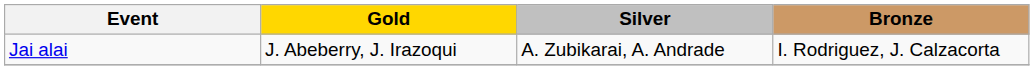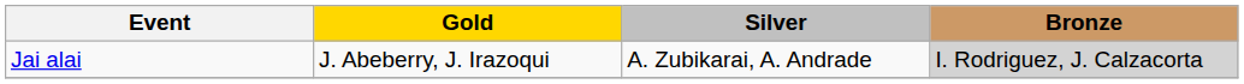 <table class="wikitable" style="max-width: 23cm; width: 100%">
 <tr>
 <th scope="col">Event</th>
 <th scope="col" style="background-color:gold; width:25%">Gold</th>
 <th scope="col" style="background-color:silver; width:25%; width:25%">Silver</th>
 <th scope="col" style="background-color:#cc9966; width:25%">Bronze</th>
 </tr>
 <tr>
 <td><a href='#'>Jai alai</a></td>
 <td> J. Abeberry, J. Irazoqui</td>
 <td> A. Zubikarai, A. Andrade</td>
-<td> I. Rodriguez, J. Calzacorta</td>
+<td style="background: lightgrey;"> I. Rodriguez, J. Calzacorta</td>
 </tr>
 <tr>
 </tr>
 </table>
